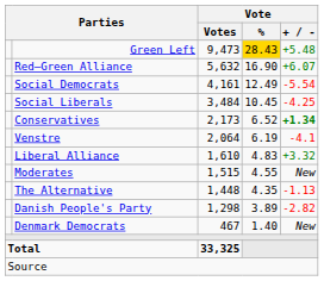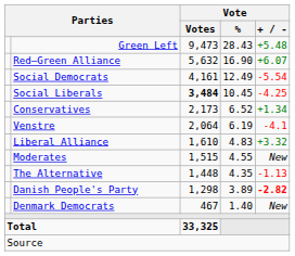 <table class="wikitable" style="text-align:right;">
 <tr>
 <th style="text-align:centre;" rowspan="2" colspan="2" width="225">Parties</th>
 <th colspan="3">Vote</th>
 </tr>
 <tr>
 <th width="15">Votes</th>
 <th width="15">%</th>
 <th width="15">+ / -</th>
 </tr>
 <tr>
 <td width=2 bgcolor=></td>
 <td><a href='#'>Green Left</a></td>
 <td>9,473</td>
-<td style="background: gold;">28.43</td>
+<td>28.43</td>
 <td style=color:green;>+5.48</td>
 </tr>
 <tr>
 <td width=2 bgcolor=></td>
 <td align=left><a href='#'>Red–Green Alliance</a></td>
 <td>5,632</td>
 <td>16.90</td>
 <td style=color:green;>+6.07</td>
 </tr>
 <tr>
 <td width=2 bgcolor=></td>
 <td align=left><a href='#'>Social Democrats</a></td>
 <td>4,161</td>
 <td>12.49</td>
 <td style=color:red;>-5.54</td>
 </tr>
 <tr>
 <td width=2 bgcolor=></td>
 <td align=left><a href='#'>Social Liberals</a></td>
-<td>3,484</td>
+<td><strong>3,484</strong></td>
 <td>10.45</td>
 <td style=color:red;>-4.25</td>
 </tr>
 <tr>
 <td width=2 bgcolor=></td>
 <td align=left><a href='#'>Conservatives</a></td>
 <td>2,173</td>
 <td>6.52</td>
-<td style=color:green;><strong>+1.34</strong></td>
+<td style=color:green;>+1.34</td>
 </tr>
 <tr>
 <td width=2 bgcolor=></td>
 <td align=left><a href='#'>Venstre</a></td>
 <td>2,064</td>
 <td>6.19</td>
 <td style=color:red;>-4.1</td>
 </tr>
 <tr>
 <td width=2 bgcolor=></td>
 <td align=left><a href='#'>Liberal Alliance</a></td>
 <td>1,610</td>
 <td>4.83</td>
 <td style=color:green;>+3.32</td>
 </tr>
 <tr>
 <td width=2 bgcolor=></td>
 <td align=left><a href='#'>Moderates</a></td>
 <td>1,515</td>
 <td>4.55</td>
 <td><em>New</em></td>
 </tr>
 <tr>
 <td width=2 bgcolor=></td>
 <td align=left><a href='#'>The Alternative</a></td>
 <td>1,448</td>
 <td>4.35</td>
 <td style=color:red;>-1.13</td>
 </tr>
 <tr>
 <td width=2 bgcolor=></td>
 <td align=left><a href='#'>Danish People's Party</a></td>
 <td>1,298</td>
 <td>3.89</td>
-<td style=color:red;>-2.82</td>
+<td style=color:red;><strong>-2.82</strong></td>
 </tr>
 <tr>
 <td width=2 bgcolor=></td>
 <td align=left><a href='#'>Denmark Democrats</a></td>
 <td>467</td>
 <td>1.40</td>
 <td><em>New</em></td>
 </tr>
 <tr>
 <td colspan="7" bgcolor="#E9E9E9"></td>
 </tr>
 <tr>
 <td align="left" colspan="2"><strong>Total</strong></td>
 <td><strong>33,325</strong></td>
 <td bgcolor=#E9E9E9 colspan=2></td>
 </tr>
 <tr>
 <td align="left" colspan="6">Source</td>
 </tr>
 </table>
